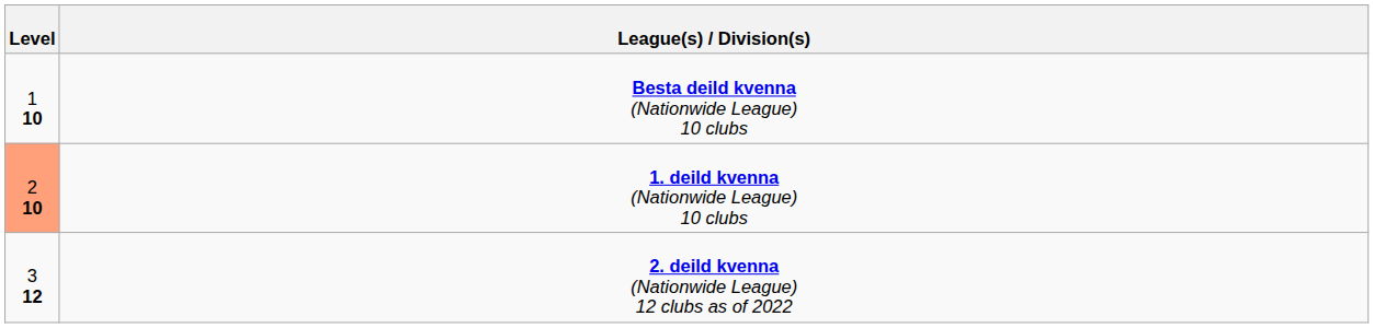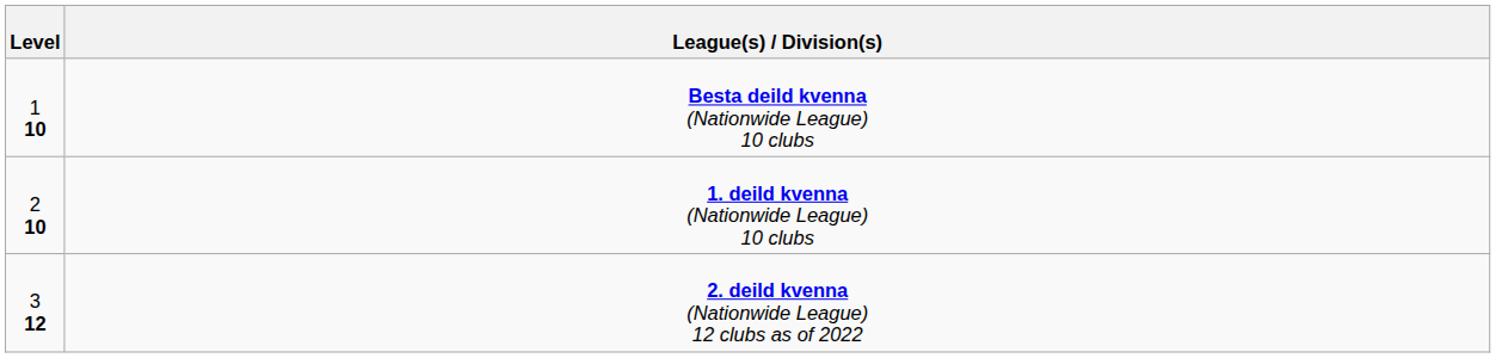 <table class="wikitable" style="text-align: center;">
 <tr>
 <th colspan="1" width="4%"><br>Level</th>
 <th colspan="8" width="96%"><br>League(s) / Division(s)</th>
 </tr>
 <tr>
 <td colspan="1" width="4%"><br>1<br><strong>10</strong></td>
 <td colspan="8" width="96%"><br><strong><a href='#'>Besta deild kvenna</a></strong><br> <em>(Nationwide League)</em><br> <em>10 clubs</em></td>
 </tr>
 <tr>
-<td colspan="1" width="4%" style="background: lightsalmon;"><br>2<br><strong>10</strong></td>
+<td colspan="1" width="4%"><br>2<br><strong>10</strong></td>
 <td colspan="8" width="96%"><br><strong><a href='#'>1. deild kvenna</a></strong><br> <em>(Nationwide League)</em> <br> <em>10 clubs</em></td>
 </tr>
 <tr>
 <td colspan="1" width="4%"><br>3<br><strong>12</strong></td>
 <td colspan="8" width="96%"><br><strong><a href='#'>2. deild kvenna</a></strong><br> <em>(Nationwide League)</em> <br> <em>12 clubs as of 2022</em></td>
 </tr>
 </table>
